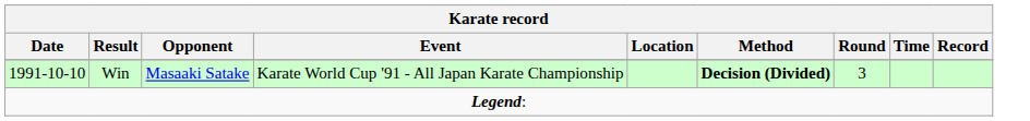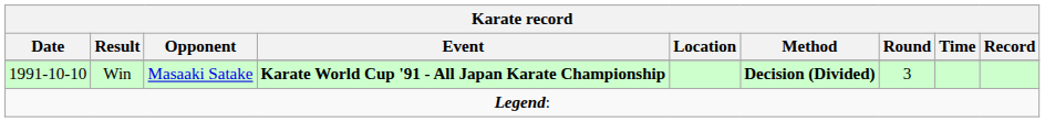 <table class="wikitable collapsible" style="font-size:88%; text-align:center;">
 <tr>
 <th colspan=9>Karate record</th>
 </tr>
 <tr>
 <th>Date</th>
 <th>Result</th>
 <th>Opponent</th>
 <th>Event</th>
 <th>Location</th>
 <th>Method</th>
 <th>Round</th>
 <th>Time</th>
 <th>Record</th>
 </tr>
 <tr>
 </tr>
 <tr bgcolor="#CCFFCC">
 <td>1991-10-10</td>
 <td>Win</td>
 <td align=left> <a href='#'>Masaaki Satake</a></td>
-<td>Karate World Cup '91 - All Japan Karate Championship</td>
+<td><strong>Karate World Cup '91 - All Japan Karate Championship</strong></td>
 <td></td>
 <td><strong>Decision (Divided)</strong></td>
 <td>3</td>
 <td></td>
 <td></td>
 </tr>
 <tr>
 <td colspan=9><strong><em>Legend</em></strong>:    </td>
 </tr>
 </table>
